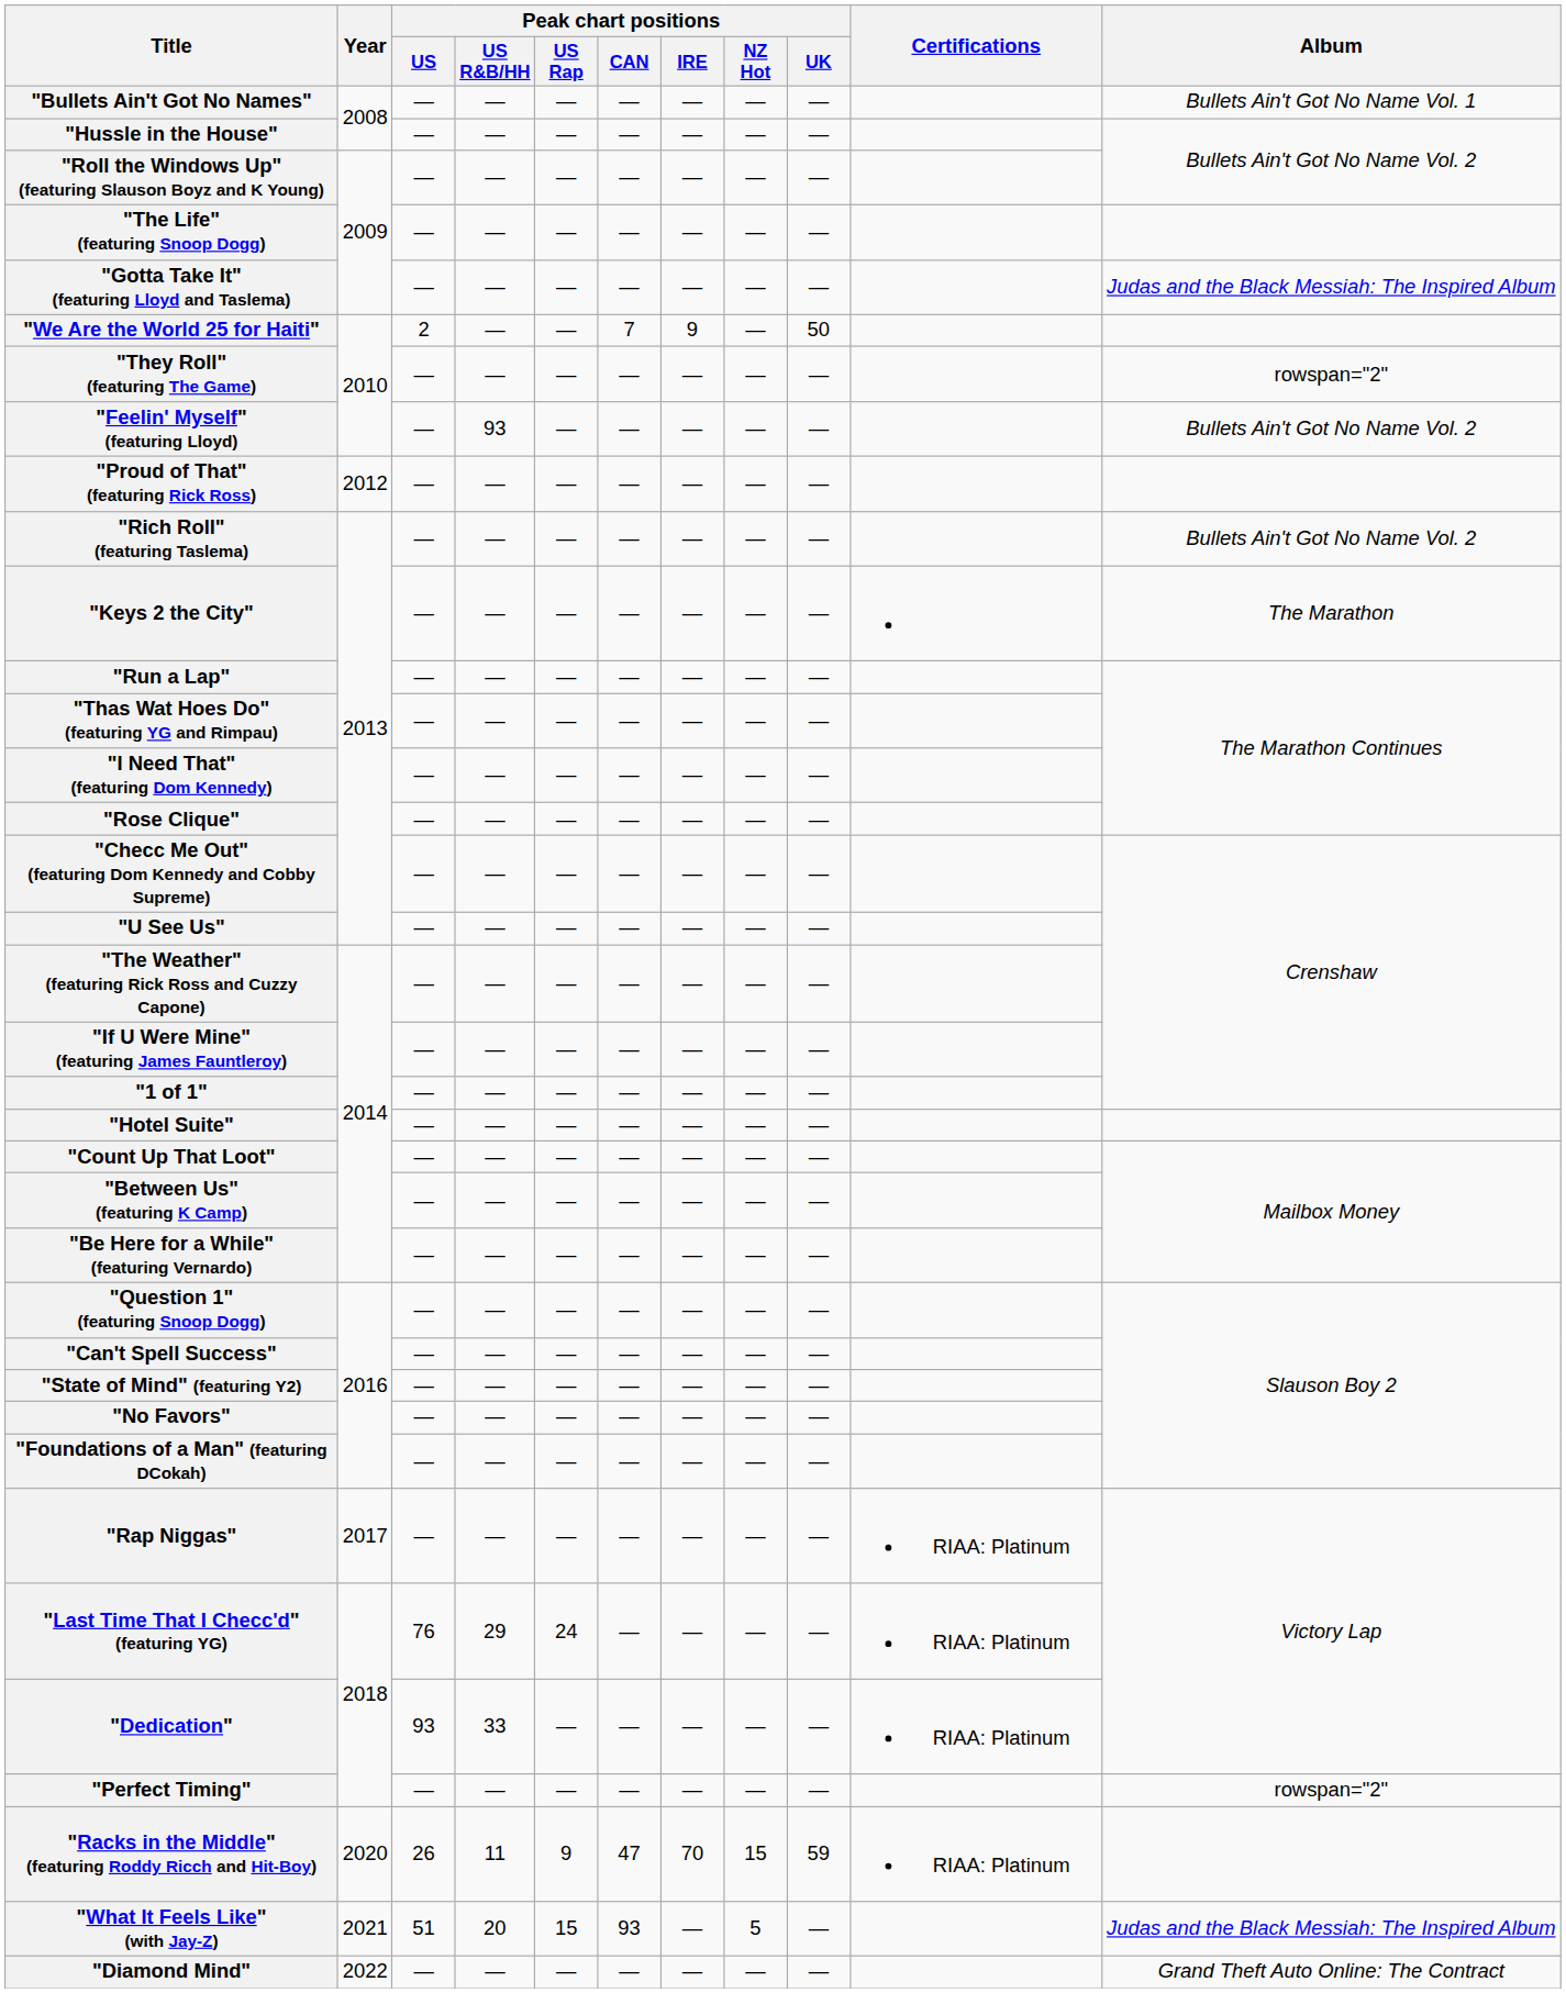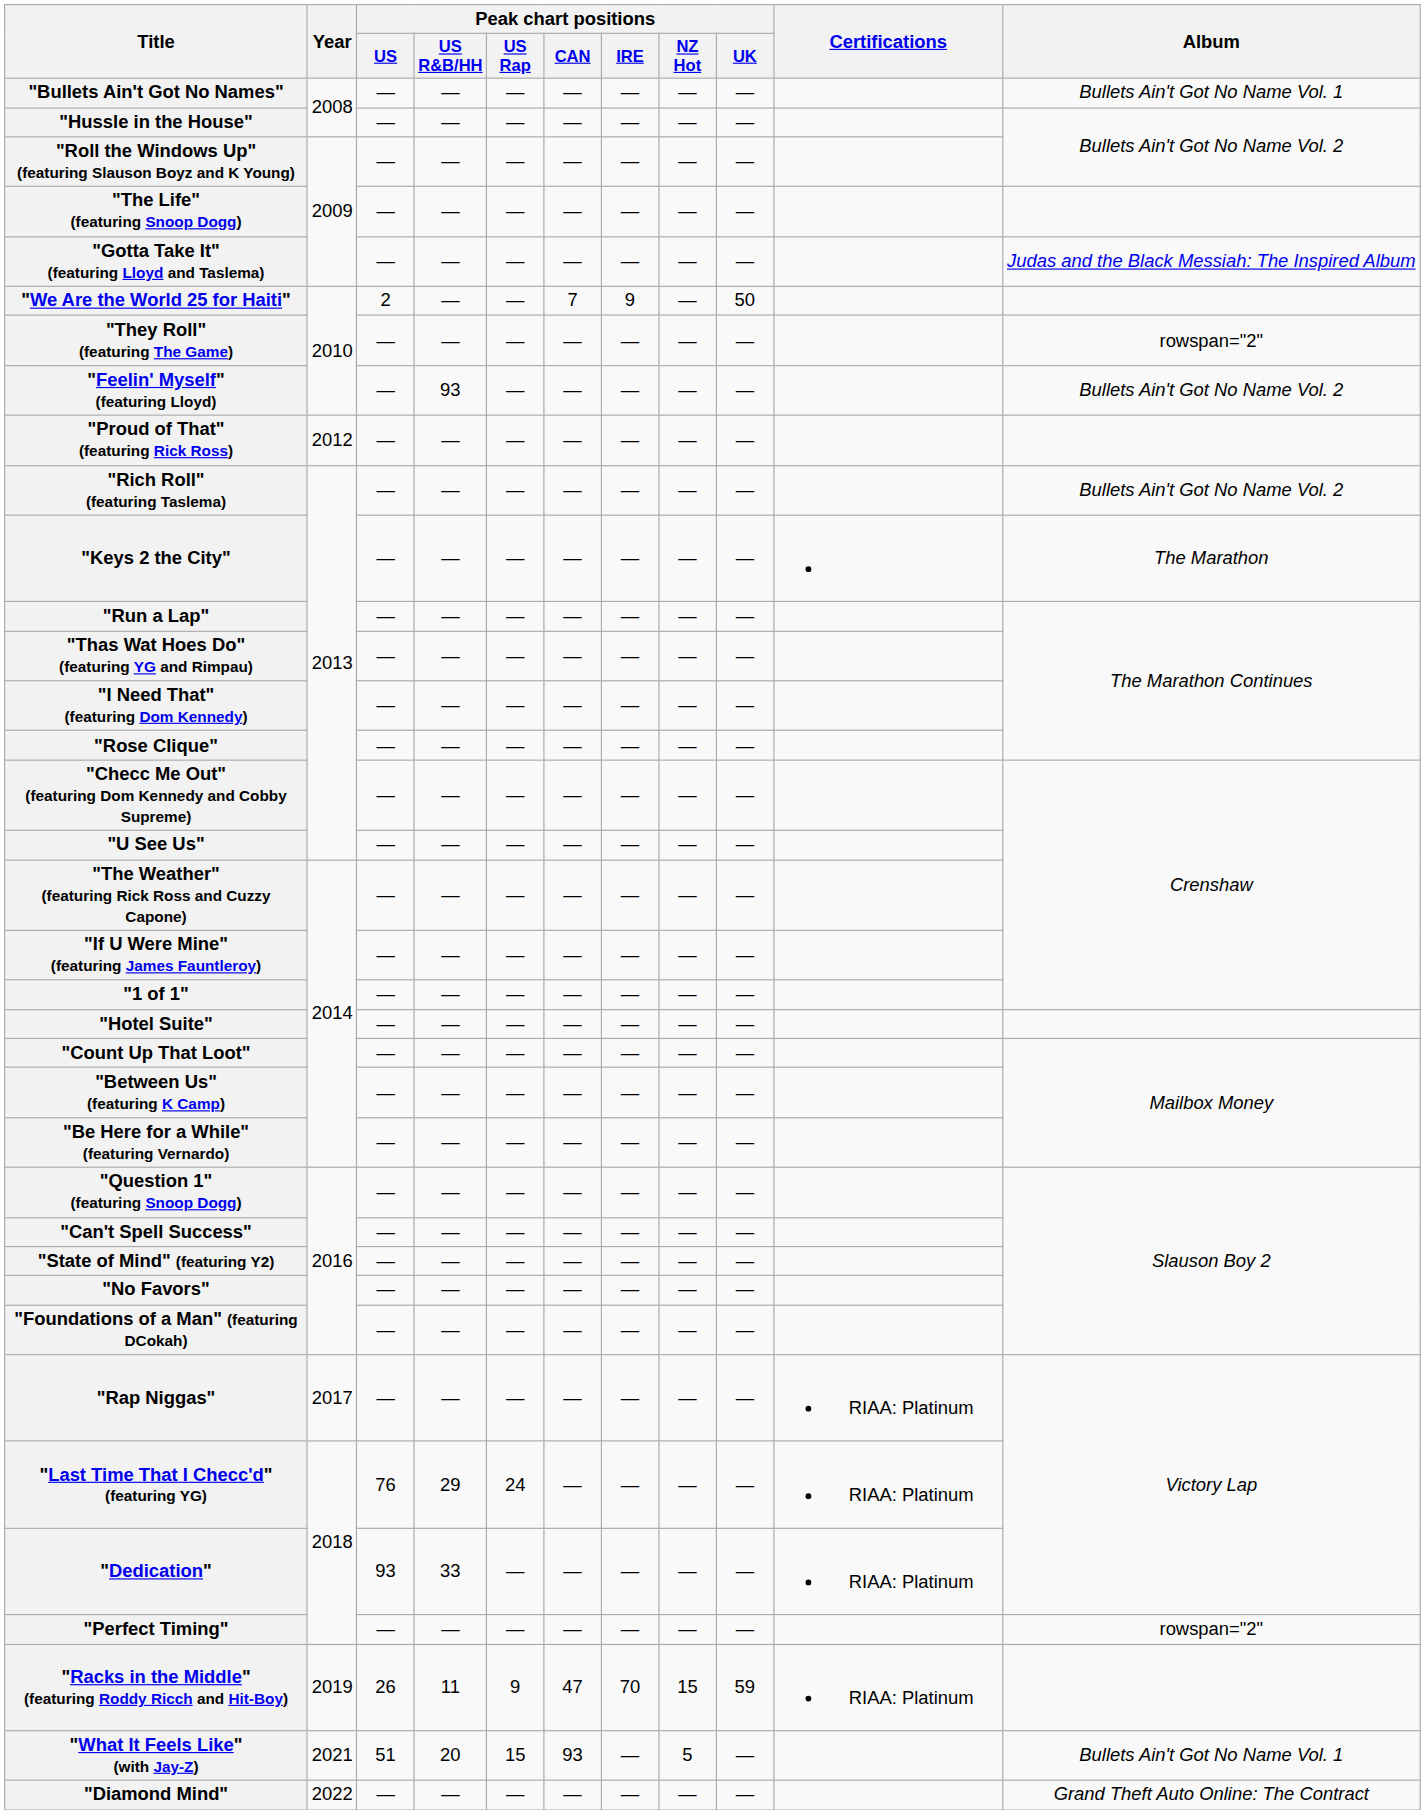 <table class="wikitable plainrowheaders" style="text-align:center">
 <tr>
 <th scope="col" rowspan="2" style="width:16em;">Title</th>
 <th scope="col" rowspan="2">Year</th>
 <th scope="col" colspan="7">Peak chart positions</th>
 <th scope="col" rowspan="2" style="width:12em;"><a href='#'>Certifications</a></th>
 <th scope="col" rowspan="2">Album</th>
 </tr>
 <tr>
 <th scope="col" style="width:3em;font-size:90%;"><a href='#'>US</a><br></th>
 <th scope="col" style="width:3em;font-size:90%;"><a href='#'>US<br>R&B/HH</a><br></th>
 <th scope="col" style="width:3em;font-size:90%;"><a href='#'>US<br>Rap</a><br></th>
 <th scope="col" style="width:3em;font-size:90%;"><a href='#'>CAN</a><br></th>
 <th scope="col" style="width:3em;font-size:90%;"><a href='#'>IRE</a><br></th>
 <th scope="col" style="width:3em;font-size:90%;"><a href='#'>NZ<br>Hot</a><br></th>
 <th scope="col" style="width:3em;font-size:90%;"><a href='#'>UK</a><br></th>
 </tr>
 <tr>
 <th scope="row">"Bullets Ain't Got No Names"</th>
 <td rowspan="2">2008</td>
 <td>—</td>
 <td>—</td>
 <td>—</td>
 <td>—</td>
 <td>—</td>
 <td>—</td>
 <td>—</td>
 <td></td>
 <td><em>Bullets Ain't Got No Name Vol. 1</em></td>
 </tr>
 <tr>
 <th scope="row">"Hussle in the House"</th>
 <td>—</td>
 <td>—</td>
 <td>—</td>
 <td>—</td>
 <td>—</td>
 <td>—</td>
 <td>—</td>
 <td></td>
 <td rowspan="2"><em>Bullets Ain't Got No Name Vol. 2</em></td>
 </tr>
 <tr>
 <th scope="row">"Roll the Windows Up"<br><small>(featuring Slauson Boyz and K Young)</small></th>
 <td rowspan="3">2009</td>
 <td>—</td>
 <td>—</td>
 <td>—</td>
 <td>—</td>
 <td>—</td>
 <td>—</td>
 <td>—</td>
 <td></td>
 </tr>
 <tr>
 <th scope="row">"The Life"<br><small>(featuring <a href='#'>Snoop Dogg</a>)</small></th>
 <td>—</td>
 <td>—</td>
 <td>—</td>
 <td>—</td>
 <td>—</td>
 <td>—</td>
 <td>—</td>
 <td></td>
 <td></td>
 </tr>
 <tr>
 <th scope="row">"Gotta Take It"<br><small>(featuring <a href='#'>Lloyd</a> and Taslema)</small></th>
 <td>—</td>
 <td>—</td>
 <td>—</td>
 <td>—</td>
 <td>—</td>
 <td>—</td>
 <td>—</td>
 <td></td>
 <td><em><a href='#'>Judas and the Black Messiah: The Inspired Album</a></em></td>
 </tr>
 <tr>
 <th scope="row">"<a href='#'>We Are the World 25 for Haiti</a>"<br></th>
 <td rowspan="3">2010</td>
 <td>2</td>
 <td>—</td>
 <td>—</td>
 <td>7</td>
 <td>9</td>
 <td>—</td>
 <td>50</td>
 <td></td>
 <td></td>
 </tr>
 <tr>
 <th scope="row">"They Roll"<br><small>(featuring <a href='#'>The Game</a>)</small></th>
 <td>—</td>
 <td>—</td>
 <td>—</td>
 <td>—</td>
 <td>—</td>
 <td>—</td>
 <td>—</td>
 <td></td>
 <td>rowspan="2" </td>
 </tr>
 <tr>
 <th scope="row">"<a href='#'>Feelin' Myself</a>"<br><small>(featuring Lloyd)</small></th>
 <td>—</td>
 <td>93</td>
 <td>—</td>
 <td>—</td>
 <td>—</td>
 <td>—</td>
 <td>—</td>
 <td></td>
 <td><em>Bullets Ain't Got No Name Vol. 2</em></td>
 </tr>
 <tr>
 <th scope="row">"Proud of That"<br><small>(featuring <a href='#'>Rick Ross</a>)</small></th>
 <td>2012</td>
 <td>—</td>
 <td>—</td>
 <td>—</td>
 <td>—</td>
 <td>—</td>
 <td>—</td>
 <td>—</td>
 <td></td>
 </tr>
 <tr>
 <th scope="row">"Rich Roll"<br><small>(featuring Taslema)</small></th>
 <td rowspan="8">2013</td>
 <td>—</td>
 <td>—</td>
 <td>—</td>
 <td>—</td>
 <td>—</td>
 <td>—</td>
 <td>—</td>
 <td></td>
 <td><em>Bullets Ain't Got No Name Vol. 2</em></td>
 </tr>
 <tr>
 <th scope="row">"Keys 2 the City"</th>
 <td>—</td>
 <td>—</td>
 <td>—</td>
 <td>—</td>
 <td>—</td>
 <td>—</td>
 <td>—</td>
 <td><br><ul><li></li></ul></td>
 <td><em>The Marathon</em></td>
 </tr>
 <tr>
 <th scope="row">"Run a Lap"</th>
 <td>—</td>
 <td>—</td>
 <td>—</td>
 <td>—</td>
 <td>—</td>
 <td>—</td>
 <td>—</td>
 <td></td>
 <td rowspan="4"><em>The Marathon Continues</em></td>
 </tr>
 <tr>
 <th scope="row">"Thas Wat Hoes Do"<br><small>(featuring <a href='#'>YG</a> and Rimpau)</small></th>
 <td>—</td>
 <td>—</td>
 <td>—</td>
 <td>—</td>
 <td>—</td>
 <td>—</td>
 <td>—</td>
 <td></td>
 </tr>
 <tr>
 <th scope="row">"I Need That"<br><small>(featuring <a href='#'>Dom Kennedy</a>)</small></th>
 <td>—</td>
 <td>—</td>
 <td>—</td>
 <td>—</td>
 <td>—</td>
 <td>—</td>
 <td>—</td>
 <td></td>
 </tr>
 <tr>
 <th scope="row">"Rose Clique"</th>
 <td>—</td>
 <td>—</td>
 <td>—</td>
 <td>—</td>
 <td>—</td>
 <td>—</td>
 <td>—</td>
 <td></td>
 </tr>
 <tr>
 <th scope="row">"Checc Me Out"<br><small>(featuring Dom Kennedy and Cobby Supreme)</small></th>
 <td>—</td>
 <td>—</td>
 <td>—</td>
 <td>—</td>
 <td>—</td>
 <td>—</td>
 <td>—</td>
 <td></td>
 <td rowspan="5"><em>Crenshaw</em></td>
 </tr>
 <tr>
 <th scope="row">"U See Us"</th>
 <td>—</td>
 <td>—</td>
 <td>—</td>
 <td>—</td>
 <td>—</td>
 <td>—</td>
 <td>—</td>
 <td></td>
 </tr>
 <tr>
 <th scope="row">"The Weather"<br><small>(featuring Rick Ross and Cuzzy Capone)</small></th>
 <td rowspan="7">2014</td>
 <td>—</td>
 <td>—</td>
 <td>—</td>
 <td>—</td>
 <td>—</td>
 <td>—</td>
 <td>—</td>
 <td></td>
 </tr>
 <tr>
 <th scope="row">"If U Were Mine"<br><small>(featuring <a href='#'>James Fauntleroy</a>)</small></th>
 <td>—</td>
 <td>—</td>
 <td>—</td>
 <td>—</td>
 <td>—</td>
 <td>—</td>
 <td>—</td>
 <td></td>
 </tr>
 <tr>
 <th scope="row">"1 of 1"</th>
 <td>—</td>
 <td>—</td>
 <td>—</td>
 <td>—</td>
 <td>—</td>
 <td>—</td>
 <td>—</td>
 <td></td>
 </tr>
 <tr>
 <th scope="row">"Hotel Suite"</th>
 <td>—</td>
 <td>—</td>
 <td>—</td>
 <td>—</td>
 <td>—</td>
 <td>—</td>
 <td>—</td>
 <td></td>
 <td></td>
 </tr>
 <tr>
 <th scope="row">"Count Up That Loot"</th>
 <td>—</td>
 <td>—</td>
 <td>—</td>
 <td>—</td>
 <td>—</td>
 <td>—</td>
 <td>—</td>
 <td></td>
 <td rowspan="3"><em>Mailbox Money</em></td>
 </tr>
 <tr>
 <th scope="row">"Between Us"<br><small>(featuring <a href='#'>K Camp</a>)</small></th>
 <td>—</td>
 <td>—</td>
 <td>—</td>
 <td>—</td>
 <td>—</td>
 <td>—</td>
 <td>—</td>
 <td></td>
 </tr>
 <tr>
 <th scope="row">"Be Here for a While"<br><small>(featuring Vernardo)</small></th>
 <td>—</td>
 <td>—</td>
 <td>—</td>
 <td>—</td>
 <td>—</td>
 <td>—</td>
 <td>—</td>
 <td></td>
 </tr>
 <tr>
 <th scope="row">"Question 1"<br><small>(featuring <a href='#'>Snoop Dogg</a>)</small></th>
 <td rowspan="5">2016</td>
 <td>—</td>
 <td>—</td>
 <td>—</td>
 <td>—</td>
 <td>—</td>
 <td>—</td>
 <td>—</td>
 <td></td>
 <td rowspan="5"><em>Slauson Boy 2</em></td>
 </tr>
 <tr>
 <th scope="row">"Can't Spell Success"</th>
 <td>—</td>
 <td>—</td>
 <td>—</td>
 <td>—</td>
 <td>—</td>
 <td>—</td>
 <td>—</td>
 <td></td>
 </tr>
 <tr>
 <th scope="row">"State of Mind" <small>(featuring Y2)</small></th>
 <td>—</td>
 <td>—</td>
 <td>—</td>
 <td>—</td>
 <td>—</td>
 <td>—</td>
 <td>—</td>
 <td></td>
 </tr>
 <tr>
 <th scope="row">"No Favors"</th>
 <td>—</td>
 <td>—</td>
 <td>—</td>
 <td>—</td>
 <td>—</td>
 <td>—</td>
 <td>—</td>
 <td></td>
 </tr>
 <tr>
 <th scope="row">"Foundations of a Man" <small>(featuring DCokah)</small></th>
 <td>—</td>
 <td>—</td>
 <td>—</td>
 <td>—</td>
 <td>—</td>
 <td>—</td>
 <td>—</td>
 <td></td>
 </tr>
 <tr>
 <th scope="row">"Rap Niggas"</th>
 <td>2017</td>
 <td>—</td>
 <td>—</td>
 <td>—</td>
 <td>—</td>
 <td>—</td>
 <td>—</td>
 <td>—</td>
 <td><br><ul><li>RIAA: Platinum</li></ul></td>
 <td rowspan="3"><em>Victory Lap</em></td>
 </tr>
 <tr>
 <th scope="row">"<a href='#'>Last Time That I Checc'd</a>"<br><small>(featuring YG)</small></th>
 <td rowspan="3">2018</td>
 <td>76</td>
 <td>29</td>
 <td>24</td>
 <td>—</td>
 <td>—</td>
 <td>—</td>
 <td>—</td>
 <td><br><ul><li>RIAA: Platinum</li></ul></td>
 </tr>
 <tr>
 <th scope="row">"<a href='#'>Dedication</a>" <br></th>
 <td>93</td>
 <td>33</td>
 <td>—</td>
 <td>—</td>
 <td>—</td>
 <td>—</td>
 <td>—</td>
 <td><br><ul><li>RIAA: Platinum</li></ul></td>
 </tr>
 <tr>
 <th scope="row">"Perfect Timing"</th>
 <td>—</td>
 <td>—</td>
 <td>—</td>
 <td>—</td>
 <td>—</td>
 <td>—</td>
 <td>—</td>
 <td></td>
 <td>rowspan="2" </td>
 </tr>
 <tr>
 <th scope="row">"<a href='#'>Racks in the Middle</a>"<br><small>(featuring <a href='#'>Roddy Ricch</a> and <a href='#'>Hit-Boy</a>)</small></th>
-<td>2020</td>
+<td>2019</td>
 <td>26</td>
 <td>11</td>
 <td>9</td>
 <td>47</td>
 <td>70</td>
 <td>15</td>
 <td>59</td>
 <td><br><ul><li>RIAA: Platinum</li></ul></td>
 </tr>
 <tr>
 <th scope="row">"<a href='#'>What It Feels Like</a>"<br><small>(with <a href='#'>Jay-Z</a>)</small></th>
 <td>2021</td>
 <td>51</td>
 <td>20</td>
 <td>15</td>
 <td>93</td>
 <td>—</td>
 <td>5</td>
 <td>—</td>
 <td></td>
-<td><em><a href='#'>Judas and the Black Messiah: The Inspired Album</a></em></td>
+<td><em>Bullets Ain't Got No Name Vol. 1</em></td>
 </tr>
 <tr>
 <th scope="row">"Diamond Mind"<br></th>
 <td>2022</td>
 <td>—</td>
 <td>—</td>
 <td>—</td>
 <td>—</td>
 <td>—</td>
 <td>—</td>
 <td>—</td>
 <td></td>
 <td><em>Grand Theft Auto Online: The Contract</em></td>
 </tr>
 </table>
